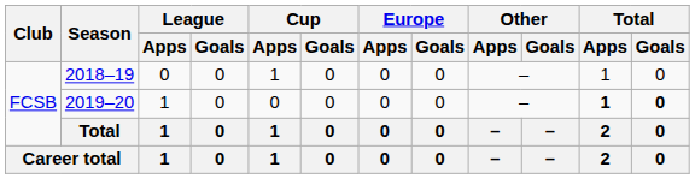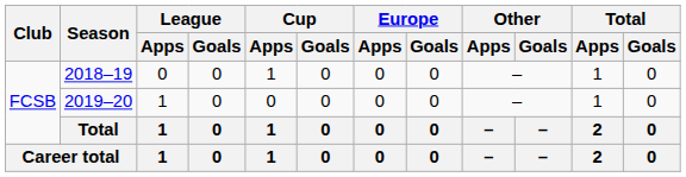 <table class="wikitable" style="text-align: center">
 <tr>
 <th rowspan="2">Club</th>
 <th rowspan="2">Season</th>
 <th colspan="2">League</th>
 <th colspan="2">Cup</th>
 <th colspan="2"><a href='#'>Europe</a></th>
 <th colspan="2">Other</th>
 <th colspan="3">Total</th>
 </tr>
 <tr>
 <th>Apps</th>
 <th>Goals</th>
 <th>Apps</th>
 <th>Goals</th>
 <th>Apps</th>
 <th>Goals</th>
 <th>Apps</th>
 <th>Goals</th>
 <th>Apps</th>
 <th>Goals</th>
 </tr>
 <tr>
 <td rowspan="3"><a href='#'>FCSB</a></td>
 <td><a href='#'>2018–19</a></td>
 <td>0</td>
 <td>0</td>
 <td>1</td>
 <td>0</td>
 <td>0</td>
 <td>0</td>
 <td colspan="2">–</td>
 <td>1</td>
 <td>0</td>
 </tr>
 <tr>
 <td><a href='#'>2019–20</a></td>
 <td>1</td>
 <td>0</td>
 <td>0</td>
 <td>0</td>
 <td>0</td>
 <td>0</td>
 <td colspan="2">–</td>
-<td><strong>1</strong></td>
-<td><strong>0</strong></td>
+<td>1</td>
+<td>0</td>
 </tr>
 <tr>
 <th>Total</th>
 <th>1</th>
 <th>0</th>
 <th>1</th>
 <th>0</th>
 <th>0</th>
 <th>0</th>
 <th>–</th>
 <th>–</th>
 <th>2</th>
 <th>0</th>
 </tr>
 <tr>
 <th colspan="2">Career total</th>
 <th>1</th>
 <th>0</th>
 <th>1</th>
 <th>0</th>
 <th>0</th>
 <th>0</th>
 <th>–</th>
 <th>–</th>
 <th>2</th>
 <th>0</th>
 </tr>
 </table>
